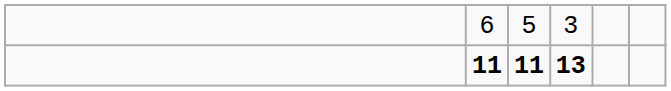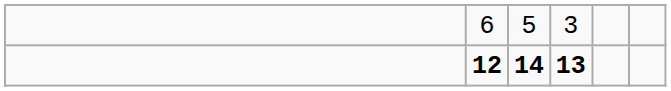 <table class="wikitable">
 <tr>
 <td style="width:18em"></td>
 <td align=center style="width:1em">6</td>
 <td align=center style="width:1em">5</td>
 <td align=center style="width:1em">3</td>
 <td align=center style="width:1em"></td>
 <td align=center style="width:1em"></td>
 </tr>
 <tr>
 <td style="width:18em"><strong></strong></td>
-<td align=center style="width:1em"><strong>11</strong></td>
-<td align=center style="width:1em"><strong>11</strong></td>
+<td align=center style="width:1em"><strong>12</strong></td>
+<td align=center style="width:1em"><strong>14</strong></td>
 <td align=center style="width:1em"><strong>13</strong></td>
 <td align=center style="width:1em"></td>
 <td align=center style="width:1em"></td>
 </tr>
 </table>
